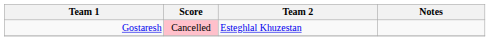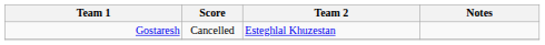 <table class="wikitable" style="text-align:center">
 <tr>
 <th width=250>Team 1</th>
 <th width=80>Score</th>
 <th width=250>Team 2</th>
 <th width=165>Notes</th>
 </tr>
 <tr>
 <td align="right"><a href='#'>Gostaresh</a></td>
-<td style="background: pink;">Cancelled</td>
+<td>Cancelled</td>
 <td align="left"><a href='#'>Esteghlal Khuzestan</a></td>
 <td></td>
 </tr>
 <tr>
 </tr>
 </table>
